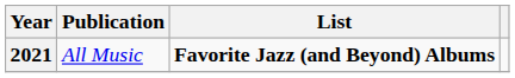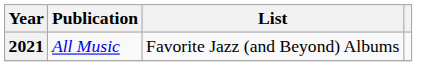 <table class="wikitable sortable plainrowheaders">
 <tr>
 <th scope="col">Year</th>
 <th scope="col">Publication</th>
 <th scope="col">List</th>
 <th scope="col" class="unsortable"></th>
 </tr>
 <tr>
 <th scope="row" rowspan="1">2021</th>
 <td><em><a href='#'>All Music</a></em></td>
-<td><strong>Favorite Jazz (and Beyond) Albums</strong></td>
+<td>Favorite Jazz (and Beyond) Albums</td>
 <td></td>
 </tr>
 <tr>
 </tr>
 </table>
